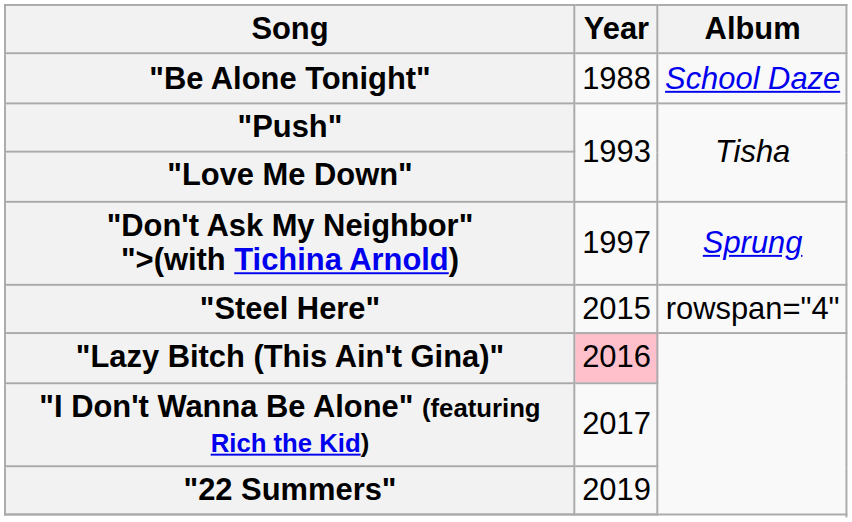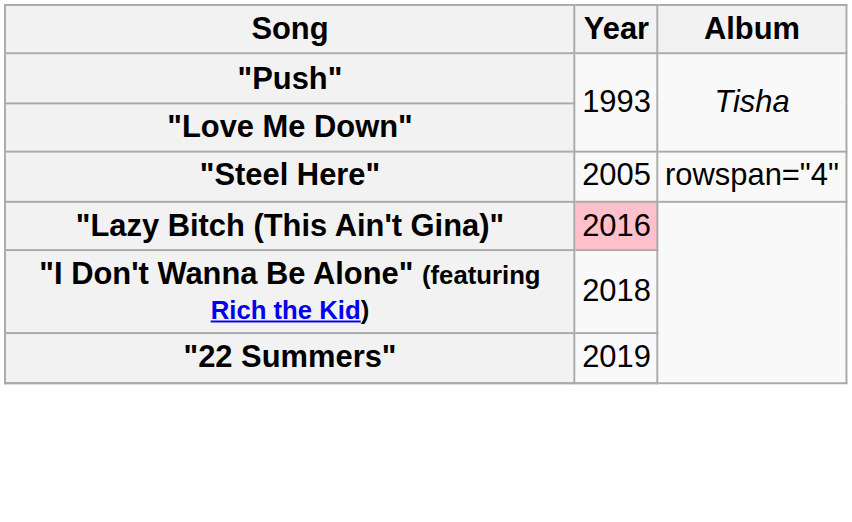 <table class="wikitable plainrowheaders" style="text-align:center;" border="1">
 <tr>
 <th scope="col" style="width:18em;">Song</th>
 <th scope="col">Year</th>
 <th scope="col">Album</th>
-</tr>
-<tr>
-<th scope="row">"Be Alone Tonight"</th>
-<td>1988</td>
-<td><em><a href='#'>School Daze</a></em></td>
 </tr>
 <tr>
 <th scope="row">"Push"</th>
 <td rowspan="2">1993</td>
 <td rowspan="2"><em>Tisha</em></td>
 </tr>
 <tr>
 <th scope="row">"Love Me Down"</th>
 </tr>
 <tr>
-<th scope="row">"Don't Ask My Neighbor"<br><span>">(with <a href='#'>Tichina Arnold</a>)</span></th>
-<td>1997</td>
-<td><em><a href='#'>Sprung</a></em></td>
-</tr>
-<tr>
 <th scope="row">"Steel Here"</th>
-<td>2015</td>
+<td>2005</td>
 <td>rowspan="4" </td>
 </tr>
 <tr>
 <th scope="row">"Lazy Bitch (This Ain't Gina)"</th>
 <td style="background: pink;">2016</td>
 </tr>
 <tr>
 <th scope="row">"I Don't Wanna Be Alone" <small>(featuring <a href='#'>Rich the Kid</a>)</small></th>
-<td>2017</td>
+<td>2018</td>
 </tr>
 <tr>
 <th scope="row">"22 Summers"</th>
 <td>2019</td>
 </tr>
 <tr>
 </tr>
 </table>
